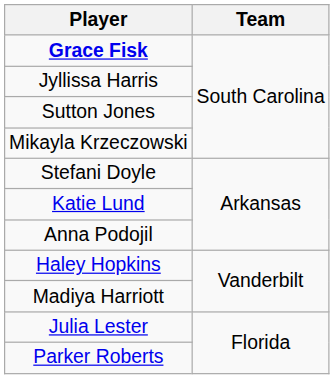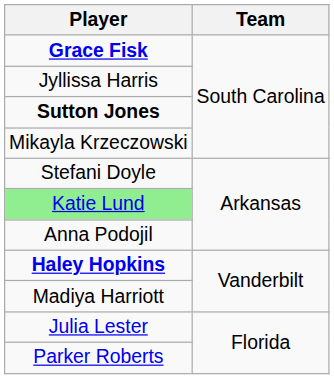 <table class="wikitable" style="text-align: center;">
 <tr>
 <th>Player</th>
 <th>Team</th>
 </tr>
 <tr>
 <td><strong><a href='#'>Grace Fisk</a></strong></td>
 <td rowspan=4>South Carolina</td>
 </tr>
 <tr>
 <td>Jyllissa Harris</td>
 </tr>
 <tr>
-<td>Sutton Jones</td>
+<td><strong>Sutton Jones</strong></td>
 </tr>
 <tr>
 <td>Mikayla Krzeczowski</td>
 </tr>
 <tr>
 <td>Stefani Doyle</td>
 <td rowspan=3>Arkansas</td>
 </tr>
 <tr>
-<td><a href='#'>Katie Lund</a></td>
+<td style="background: lightgreen;"><a href='#'>Katie Lund</a></td>
 </tr>
 <tr>
 <td>Anna Podojil</td>
 </tr>
 <tr>
-<td><a href='#'>Haley Hopkins</a></td>
+<td><strong><a href='#'>Haley Hopkins</a></strong></td>
 <td rowspan=2>Vanderbilt</td>
 </tr>
 <tr>
 <td>Madiya Harriott</td>
 </tr>
 <tr>
 <td><a href='#'>Julia Lester</a></td>
 <td rowspan=2>Florida</td>
 </tr>
 <tr>
 <td><a href='#'>Parker Roberts</a></td>
 </tr>
 </table>
